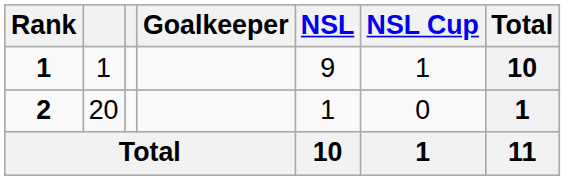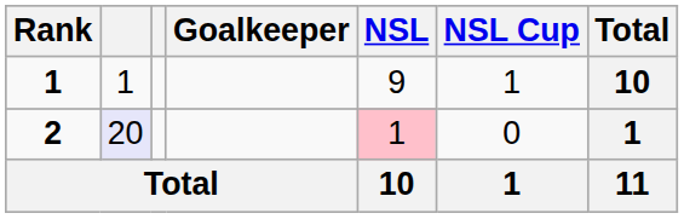 <table class="wikitable sortable" style="text-align:center">
 <tr>
 <th>Rank</th>
 <th></th>
 <th></th>
 <th>Goalkeeper</th>
 <th><a href='#'>NSL</a></th>
 <th><a href='#'>NSL Cup</a></th>
 <th>Total</th>
 </tr>
 <tr>
 <td><strong>1</strong></td>
 <td>1</td>
 <td></td>
 <td align="left"></td>
 <td>9</td>
 <td>1</td>
 <th>10</th>
 </tr>
 <tr>
 <td><strong>2</strong></td>
-<td>20</td>
+<td style="background: lavender;">20</td>
 <td></td>
 <td align="left"></td>
-<td>1</td>
+<td style="background: pink;">1</td>
 <td>0</td>
 <th>1</th>
 </tr>
 <tr>
 <th colspan="4">Total</th>
 <th>10</th>
 <th>1</th>
 <th>11</th>
 </tr>
 </table>
